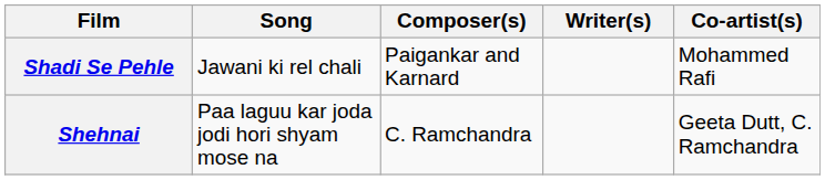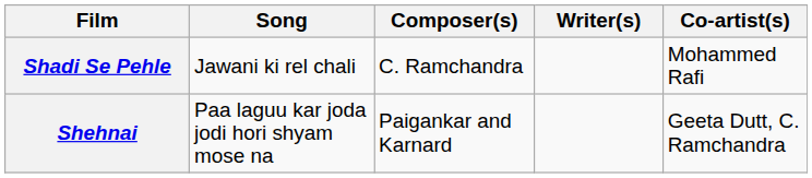 <table class="wikitable plainrowheaders" style="width:100%; textcolor:#000">
 <tr style="background:#b0e0e66;">
 <th scope="col" style="width:23%;"><strong>Film</strong></th>
 <th scope="col" style="width:23%;"><strong>Song</strong></th>
 <th scope="col" style="width:20%;"><strong>Composer(s)</strong></th>
 <th scope="col" style="width:16%;"><strong>Writer(s)</strong></th>
 <th scope="col" style="width:18%;"><strong>Co-artist(s)</strong></th>
 </tr>
 <tr>
 <th><em><a href='#'>Shadi Se Pehle</a></em></th>
 <td>Jawani ki rel chali</td>
-<td>Paigankar and Karnard</td>
+<td>C. Ramchandra</td>
 <td></td>
 <td>Mohammed Rafi</td>
 </tr>
 <tr>
 <th><em><a href='#'>Shehnai</a></em></th>
 <td>Paa laguu kar joda jodi hori shyam mose na</td>
-<td>C. Ramchandra</td>
+<td>Paigankar and Karnard</td>
 <td></td>
 <td>Geeta Dutt, C. Ramchandra</td>
 </tr>
 </table>
